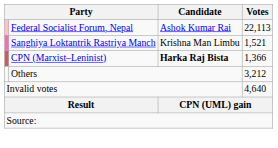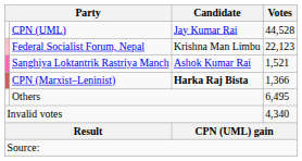 <table class="wikitable">
 <tr>
 <th colspan="2">Party</th>
 <th>Candidate</th>
 <th>Votes</th>
 </tr>
 <tr>
+<td style="background-color:"></td>
+<td><a href='#'>CPN (UML)</a></td>
+<td><a href='#'>Jay Kumar Rai</a></td>
+<td>44,528</td>
+</tr>
+<tr>
 <td style="background-color:#ffc0cb"></td>
 <td><a href='#'>Federal Socialist Forum, Nepal</a></td>
-<td><a href='#'>Ashok Kumar Rai</a></td>
-<td>22,113</td>
+<td>Krishna Man Limbu</td>
+<td>22,123</td>
 </tr>
 <tr>
 <td style="background-color:hotpink"></td>
 <td><a href='#'>Sanghiya Loktantrik Rastriya Manch</a></td>
-<td>Krishna Man Limbu</td>
+<td><a href='#'>Ashok Kumar Rai</a></td>
 <td>1,521</td>
 </tr>
 <tr>
 <td style="background-color:indianred"></td>
 <td><a href='#'>CPN (Marxist–Leninist)</a></td>
 <td><strong>Harka Raj Bista</strong></td>
 <td>1,366</td>
 </tr>
 <tr>
 <td></td>
 <td colspan="2">Others</td>
-<td>3,212</td>
+<td>6,495</td>
 </tr>
 <tr>
 <td colspan="3">Invalid votes</td>
-<td>4,640</td>
+<td>4,340</td>
 </tr>
 <tr>
 <th colspan="2">Result</th>
 <th colspan="2">CPN (UML) gain</th>
 </tr>
 <tr>
 <td colspan="4">Source: </td>
 </tr>
 </table>
